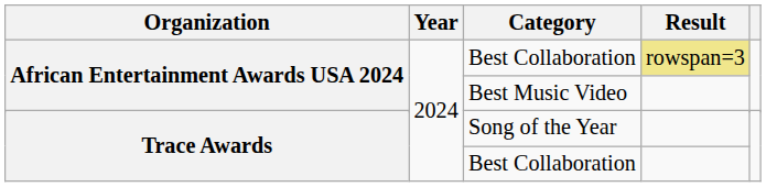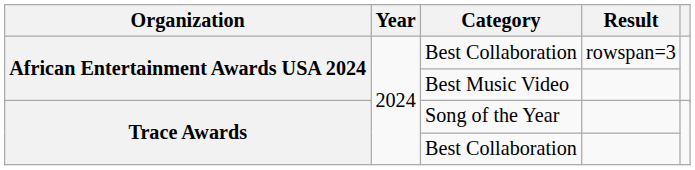 <table class="wikitable sortable plainrowheaders" style="border:none; margin:0;">
 <tr>
 <th scope="col">Organization</th>
 <th scope="col">Year</th>
 <th scope="col">Category</th>
 <th scope="col">Result</th>
 <th class="unsortable" scope="col"></th>
 </tr>
 <tr>
 <th scope="row" rowspan=3>African Entertainment Awards USA 2024</th>
 <td rowspan=6>2024</td>
 <td>Best Collaboration</td>
-<td style="background: khaki;">rowspan=3 </td>
+<td>rowspan=3 </td>
 <td style="text-align:center" rowspan=3></td>
 </tr>
 <tr>
 <td>Best Music Video</td>
 </tr>
 <tr>
 <td rowspan=2>Song of the Year</td>
 </tr>
 <tr>
 <th scope="row" rowspan=2>Trace Awards</th>
 <td></td>
 <td style="text-align:center" rowspan=2></td>
 </tr>
 <tr>
 <td>Best Collaboration</td>
 <td></td>
 </tr>
 </table>
